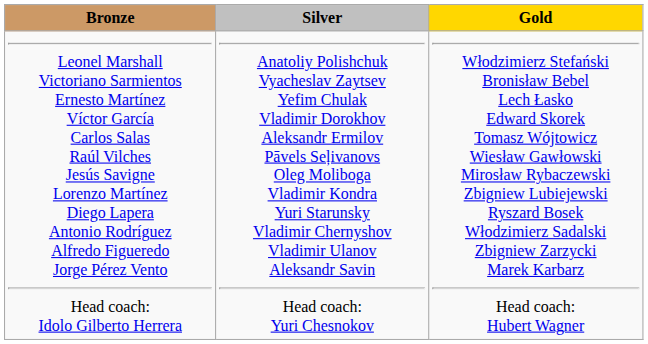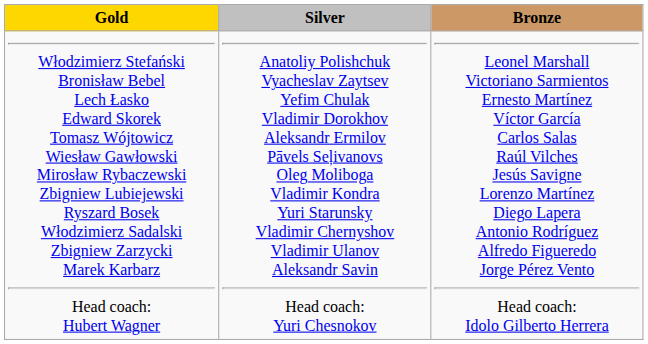 <table class="wikitable" style="text-align:center; font-size:95%;">
 <tr>
+<th style="width:15em; background:gold">Gold</th>
+<th style="width:15em; background:silver">Silver</th>
 <th style="width:15em; background:#cc9966">Bronze</th>
-<th style="width:15em; background:silver">Silver</th>
-<th style="width:15em; background:gold">Gold</th>
 </tr>
 <tr>
+<td><hr><a href='#'>Włodzimierz Stefański</a><br><a href='#'>Bronisław Bebel</a><br><a href='#'>Lech Łasko</a><br><a href='#'>Edward Skorek</a><br><a href='#'>Tomasz Wójtowicz</a><br><a href='#'>Wiesław Gawłowski</a><br><a href='#'>Mirosław Rybaczewski</a><br><a href='#'>Zbigniew Lubiejewski</a><br><a href='#'>Ryszard Bosek</a><br><a href='#'>Włodzimierz Sadalski</a><br><a href='#'>Zbigniew Zarzycki</a><br><a href='#'>Marek Karbarz</a><br><hr>Head coach:<br><a href='#'>Hubert Wagner</a></td>
+<td><hr><a href='#'>Anatoliy Polishchuk</a><br><a href='#'>Vyacheslav Zaytsev</a><br><a href='#'>Yefim Chulak</a><br><a href='#'>Vladimir Dorokhov</a><br><a href='#'>Aleksandr Ermilov</a><br><a href='#'>Pāvels Seļivanovs</a><br><a href='#'>Oleg Moliboga</a><br><a href='#'>Vladimir Kondra</a><br><a href='#'>Yuri Starunsky</a><br><a href='#'>Vladimir Chernyshov</a><br><a href='#'>Vladimir Ulanov</a><br><a href='#'>Aleksandr Savin</a><br><hr>Head coach:<br><a href='#'>Yuri Chesnokov</a></td>
 <td><hr><a href='#'>Leonel Marshall</a><br><a href='#'>Victoriano Sarmientos</a><br><a href='#'>Ernesto Martínez</a><br><a href='#'>Víctor García</a><br><a href='#'>Carlos Salas</a><br><a href='#'>Raúl Vilches</a><br><a href='#'>Jesús Savigne</a><br><a href='#'>Lorenzo Martínez</a><br><a href='#'>Diego Lapera</a><br><a href='#'>Antonio Rodríguez</a><br><a href='#'>Alfredo Figueredo</a><br><a href='#'>Jorge Pérez Vento</a><br><hr>Head coach:<br><a href='#'>Idolo Gilberto Herrera</a></td>
-<td><hr><a href='#'>Anatoliy Polishchuk</a><br><a href='#'>Vyacheslav Zaytsev</a><br><a href='#'>Yefim Chulak</a><br><a href='#'>Vladimir Dorokhov</a><br><a href='#'>Aleksandr Ermilov</a><br><a href='#'>Pāvels Seļivanovs</a><br><a href='#'>Oleg Moliboga</a><br><a href='#'>Vladimir Kondra</a><br><a href='#'>Yuri Starunsky</a><br><a href='#'>Vladimir Chernyshov</a><br><a href='#'>Vladimir Ulanov</a><br><a href='#'>Aleksandr Savin</a><br><hr>Head coach:<br><a href='#'>Yuri Chesnokov</a></td>
-<td><hr><a href='#'>Włodzimierz Stefański</a><br><a href='#'>Bronisław Bebel</a><br><a href='#'>Lech Łasko</a><br><a href='#'>Edward Skorek</a><br><a href='#'>Tomasz Wójtowicz</a><br><a href='#'>Wiesław Gawłowski</a><br><a href='#'>Mirosław Rybaczewski</a><br><a href='#'>Zbigniew Lubiejewski</a><br><a href='#'>Ryszard Bosek</a><br><a href='#'>Włodzimierz Sadalski</a><br><a href='#'>Zbigniew Zarzycki</a><br><a href='#'>Marek Karbarz</a><br><hr>Head coach:<br><a href='#'>Hubert Wagner</a></td>
 </tr>
 </table>
